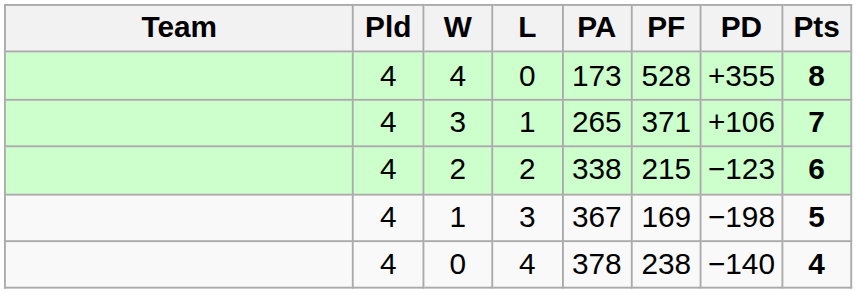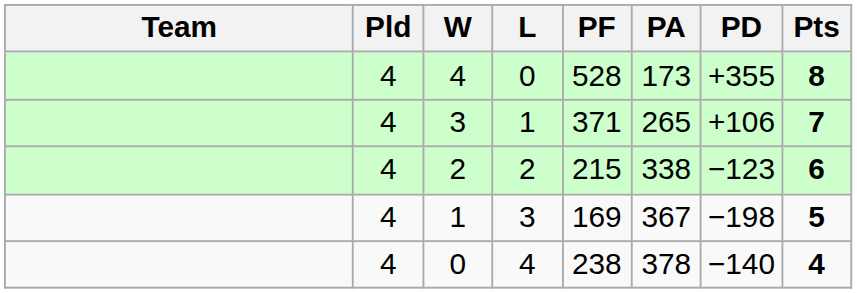 <table class=wikitable style="text-align:center">
 <tr>
 <th width=180>Team</th>
 <th width=30>Pld</th>
 <th width=30>W</th>
 <th width=30>L</th>
+<th width=30>PF</th>
 <th width=30>PA</th>
-<th width=30>PF</th>
 <th width=30>PD</th>
 <th width=30>Pts</th>
 </tr>
 <tr bgcolor="#ccffcc">
 <td align="left"></td>
 <td>4</td>
 <td>4</td>
 <td>0</td>
+<td>528</td>
 <td>173</td>
-<td>528</td>
 <td>+355</td>
 <td><strong>8</strong></td>
 </tr>
 <tr bgcolor="#ccffcc">
 <td align="left"></td>
 <td>4</td>
 <td>3</td>
 <td>1</td>
+<td>371</td>
 <td>265</td>
-<td>371</td>
 <td>+106</td>
 <td><strong>7</strong></td>
 </tr>
 <tr bgcolor="#ccffcc">
 <td align="left"></td>
 <td>4</td>
 <td>2</td>
 <td>2</td>
+<td>215</td>
 <td>338</td>
-<td>215</td>
 <td>−123</td>
 <td><strong>6</strong></td>
 </tr>
 <tr>
 <td align="left"></td>
 <td>4</td>
 <td>1</td>
 <td>3</td>
+<td>169</td>
 <td>367</td>
-<td>169</td>
 <td>−198</td>
 <td><strong>5</strong></td>
 </tr>
 <tr>
 <td align="left"></td>
 <td>4</td>
 <td>0</td>
 <td>4</td>
+<td>238</td>
 <td>378</td>
-<td>238</td>
 <td>−140</td>
 <td><strong>4</strong></td>
 </tr>
 </table>
